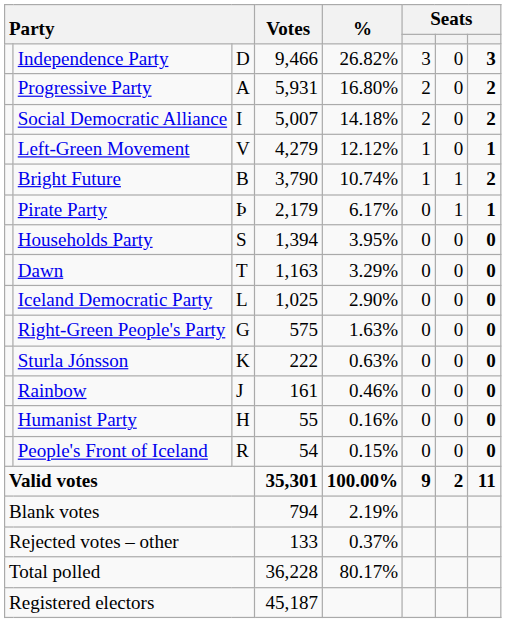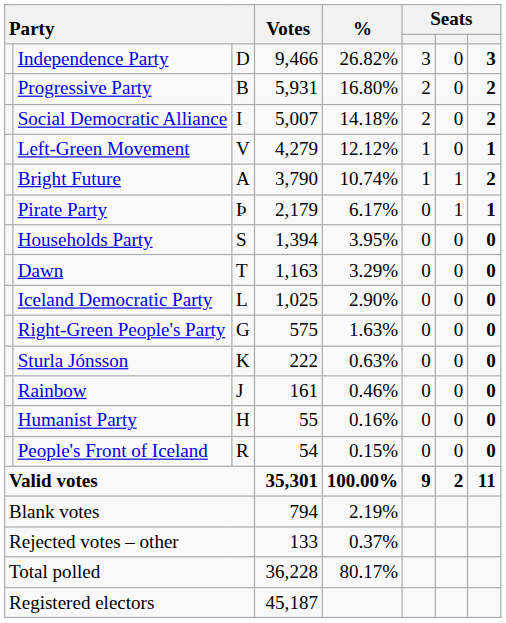 <table class="wikitable" border="1" style="text-align:right;">
 <tr>
 <th style="text-align:left;" valign=bottom rowspan=2 colspan=3>Party</th>
 <th align=center valign=bottom rowspan=2 width="50">Votes</th>
 <th align=center valign=bottom rowspan=2 width="50">%</th>
 <th colspan=3>Seats</th>
 </tr>
 <tr>
 <th align=center valign=bottom width="20"><small></small></th>
 <th align=center valign=bottom width="20"><small><a href='#'></a></small></th>
 <th align=center valign=bottom width="20"><small></small></th>
 </tr>
 <tr>
 <td></td>
 <td align=left><a href='#'>Independence Party</a></td>
 <td align=left>D</td>
 <td>9,466</td>
 <td>26.82%</td>
 <td>3</td>
 <td>0</td>
 <td><strong>3</strong></td>
 </tr>
 <tr>
 <td></td>
 <td align=left><a href='#'>Progressive Party</a></td>
-<td align=left>A</td>
+<td align=left>B</td>
 <td>5,931</td>
 <td>16.80%</td>
 <td>2</td>
 <td>0</td>
 <td><strong>2</strong></td>
 </tr>
 <tr>
 <td></td>
 <td align=left style="white-space: nowrap;"><a href='#'>Social Democratic Alliance</a></td>
 <td align=left>I</td>
 <td>5,007</td>
 <td>14.18%</td>
 <td>2</td>
 <td>0</td>
 <td><strong>2</strong></td>
 </tr>
 <tr>
 <td></td>
 <td align=left><a href='#'>Left-Green Movement</a></td>
 <td align=left>V</td>
 <td>4,279</td>
 <td>12.12%</td>
 <td>1</td>
 <td>0</td>
 <td><strong>1</strong></td>
 </tr>
 <tr>
 <td></td>
 <td align=left><a href='#'>Bright Future</a></td>
-<td align=left>B</td>
+<td align=left>A</td>
 <td>3,790</td>
 <td>10.74%</td>
 <td>1</td>
 <td>1</td>
 <td><strong>2</strong></td>
 </tr>
 <tr>
 <td></td>
 <td align=left><a href='#'>Pirate Party</a></td>
 <td align=left>Þ</td>
 <td>2,179</td>
 <td>6.17%</td>
 <td>0</td>
 <td>1</td>
 <td><strong>1</strong></td>
 </tr>
 <tr>
 <td></td>
 <td align=left><a href='#'>Households Party</a></td>
 <td align=left>S</td>
 <td>1,394</td>
 <td>3.95%</td>
 <td>0</td>
 <td>0</td>
 <td><strong>0</strong></td>
 </tr>
 <tr>
 <td></td>
 <td align=left><a href='#'>Dawn</a></td>
 <td align=left>T</td>
 <td>1,163</td>
 <td>3.29%</td>
 <td>0</td>
 <td>0</td>
 <td><strong>0</strong></td>
 </tr>
 <tr>
 <td></td>
 <td align=left><a href='#'>Iceland Democratic Party</a></td>
 <td align=left>L</td>
 <td>1,025</td>
 <td>2.90%</td>
 <td>0</td>
 <td>0</td>
 <td><strong>0</strong></td>
 </tr>
 <tr>
 <td></td>
 <td align=left><a href='#'>Right-Green People's Party</a></td>
 <td align=left>G</td>
 <td>575</td>
 <td>1.63%</td>
 <td>0</td>
 <td>0</td>
 <td><strong>0</strong></td>
 </tr>
 <tr>
 <td></td>
 <td align=left><a href='#'>Sturla Jónsson</a></td>
 <td align=left>K</td>
 <td>222</td>
 <td>0.63%</td>
 <td>0</td>
 <td>0</td>
 <td><strong>0</strong></td>
 </tr>
 <tr>
 <td></td>
 <td align=left><a href='#'>Rainbow</a></td>
 <td align=left>J</td>
 <td>161</td>
 <td>0.46%</td>
 <td>0</td>
 <td>0</td>
 <td><strong>0</strong></td>
 </tr>
 <tr>
 <td></td>
 <td align=left><a href='#'>Humanist Party</a></td>
 <td align=left>H</td>
 <td>55</td>
 <td>0.16%</td>
 <td>0</td>
 <td>0</td>
 <td><strong>0</strong></td>
 </tr>
 <tr>
 <td></td>
 <td align=left><a href='#'>People's Front of Iceland</a></td>
 <td align=left>R</td>
 <td>54</td>
 <td>0.15%</td>
 <td>0</td>
 <td>0</td>
 <td><strong>0</strong></td>
 </tr>
 <tr style="font-weight:bold">
 <td align=left colspan=3>Valid votes</td>
 <td>35,301</td>
 <td>100.00%</td>
 <td>9</td>
 <td>2</td>
 <td>11</td>
 </tr>
 <tr>
 <td align=left colspan=3>Blank votes</td>
 <td>794</td>
 <td>2.19%</td>
 <td></td>
 <td></td>
 <td></td>
 </tr>
 <tr>
 <td align=left colspan=3>Rejected votes – other</td>
 <td>133</td>
 <td>0.37%</td>
 <td></td>
 <td></td>
 <td></td>
 </tr>
 <tr>
 <td align=left colspan=3>Total polled</td>
 <td>36,228</td>
 <td>80.17%</td>
 <td></td>
 <td></td>
 <td></td>
 </tr>
 <tr>
 <td align=left colspan=3>Registered electors</td>
 <td>45,187</td>
 <td></td>
 <td></td>
 <td></td>
 <td></td>
 </tr>
 </table>
